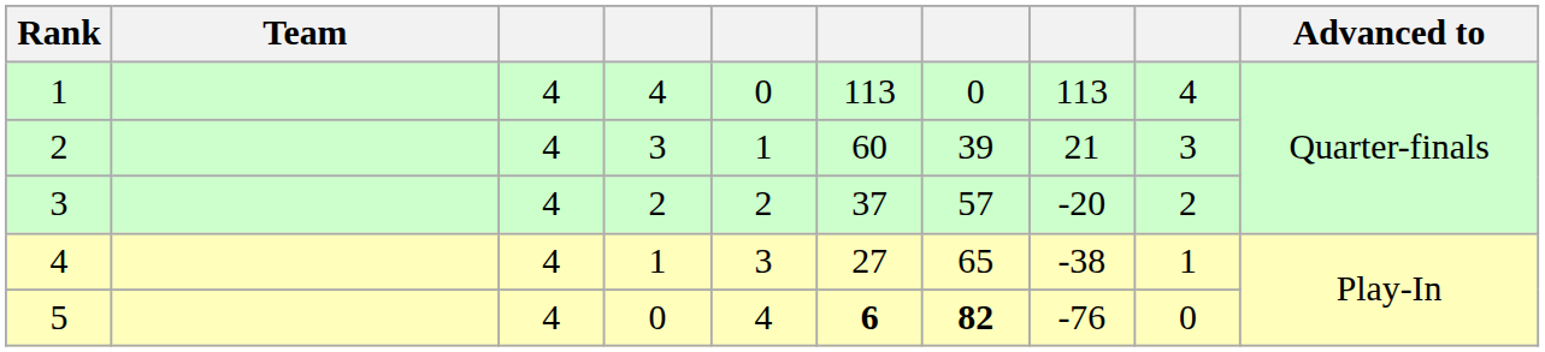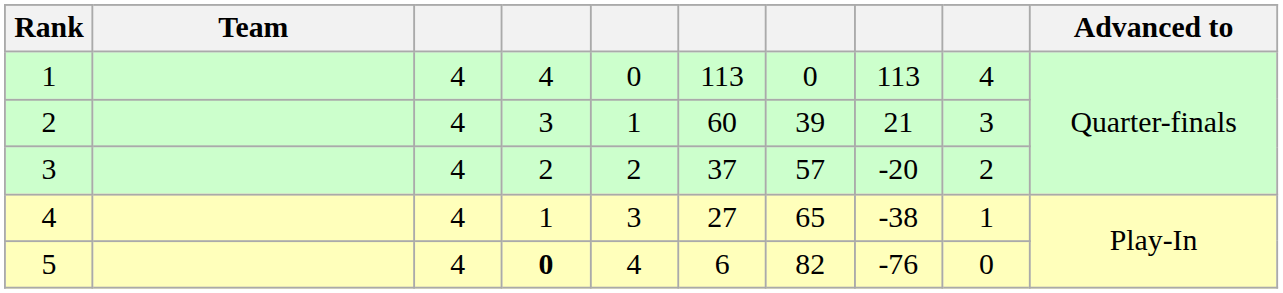 <table class="wikitable" style="text-align:center;">
 <tr>
 <th width=40>Rank</th>
 <th width=165>Team</th>
 <th width=40></th>
 <th width=40></th>
 <th width=40></th>
 <th width=40></th>
 <th width=40></th>
 <th width=40></th>
 <th width=40></th>
 <th width=125>Advanced to</th>
 </tr>
 <tr bgcolor=#ccffcc>
 <td>1</td>
 <td style="text-align:left;"></td>
 <td>4</td>
 <td>4</td>
 <td>0</td>
 <td>113</td>
 <td>0</td>
 <td>113</td>
 <td>4</td>
 <td rowspan="3">Quarter-finals</td>
 </tr>
 <tr bgcolor=#ccffcc>
 <td>2</td>
 <td style="text-align:left;"></td>
 <td>4</td>
 <td>3</td>
 <td>1</td>
 <td>60</td>
 <td>39</td>
 <td>21</td>
 <td>3</td>
 </tr>
 <tr bgcolor=#ccffcc>
 <td>3</td>
 <td style="text-align:left;"></td>
 <td>4</td>
 <td>2</td>
 <td>2</td>
 <td>37</td>
 <td>57</td>
 <td>-20</td>
 <td>2</td>
 </tr>
 <tr bgcolor=#ffffbb>
 <td>4</td>
 <td style="text-align:left;"></td>
 <td>4</td>
 <td>1</td>
 <td>3</td>
 <td>27</td>
 <td>65</td>
 <td>-38</td>
 <td>1</td>
 <td rowspan="2">Play-In</td>
 </tr>
 <tr bgcolor=#ffffbb>
 <td>5</td>
 <td style="text-align:left;"></td>
 <td>4</td>
-<td>0</td>
+<td><strong>0</strong></td>
 <td>4</td>
-<td><strong>6</strong></td>
-<td><strong>82</strong></td>
+<td>6</td>
+<td>82</td>
 <td>-76</td>
 <td>0</td>
 </tr>
 </table>
